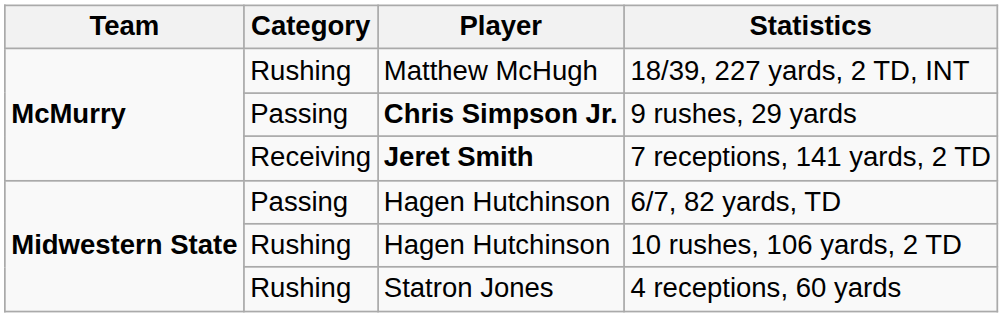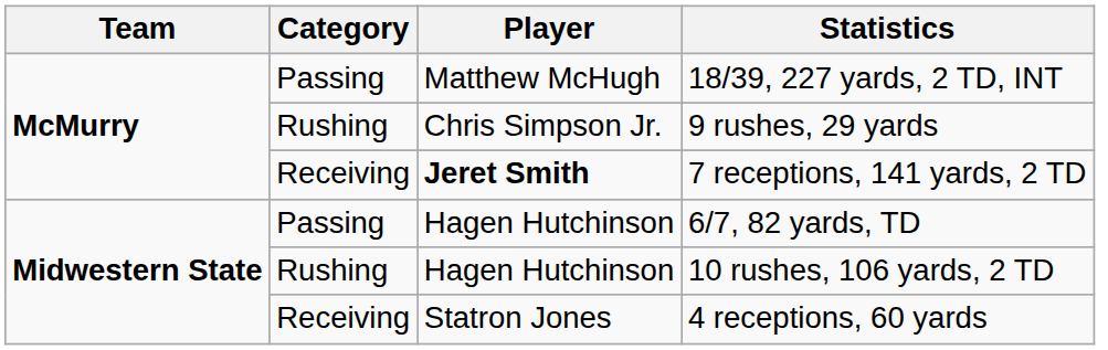 <table class="wikitable" style="float: left;">
 <tr>
 <th>Team</th>
 <th>Category</th>
 <th>Player</th>
 <th>Statistics</th>
 </tr>
 <tr>
 <td rowspan=3><strong>McMurry</strong></td>
-<td>Rushing</td>
+<td>Passing</td>
 <td>Matthew McHugh</td>
 <td>18/39, 227 yards, 2 TD, INT</td>
 </tr>
 <tr>
-<td>Passing</td>
-<td><strong>Chris Simpson Jr.</strong></td>
+<td>Rushing</td>
+<td>Chris Simpson Jr.</td>
 <td>9 rushes, 29 yards</td>
 </tr>
 <tr>
 <td>Receiving</td>
 <td><strong>Jeret Smith</strong></td>
 <td>7 receptions, 141 yards, 2 TD</td>
 </tr>
 <tr>
 <td rowspan=3><strong>Midwestern State</strong></td>
 <td>Passing</td>
 <td>Hagen Hutchinson</td>
 <td>6/7, 82 yards, TD</td>
 </tr>
 <tr>
 <td>Rushing</td>
 <td>Hagen Hutchinson</td>
 <td>10 rushes, 106 yards, 2 TD</td>
 </tr>
 <tr>
-<td>Rushing</td>
+<td>Receiving</td>
 <td>Statron Jones</td>
 <td>4 receptions, 60 yards</td>
 </tr>
 </table>
